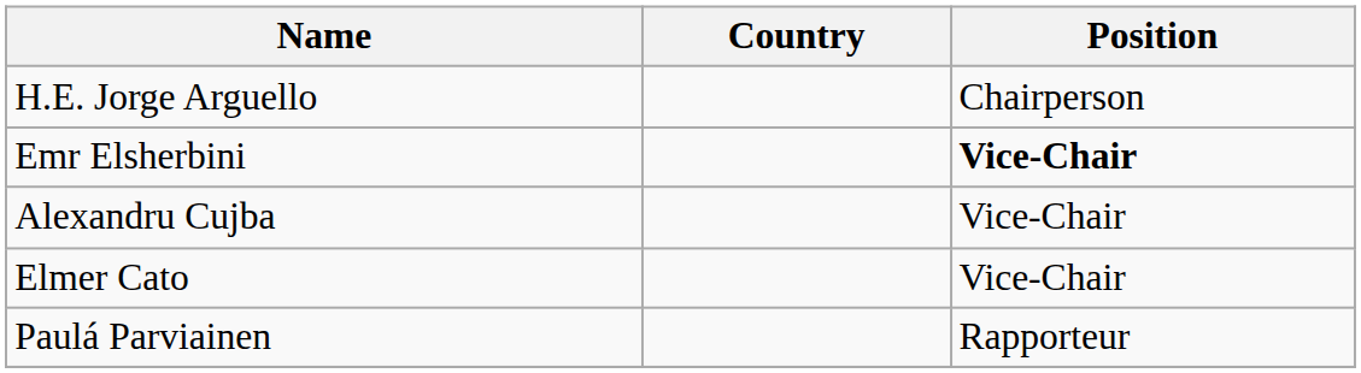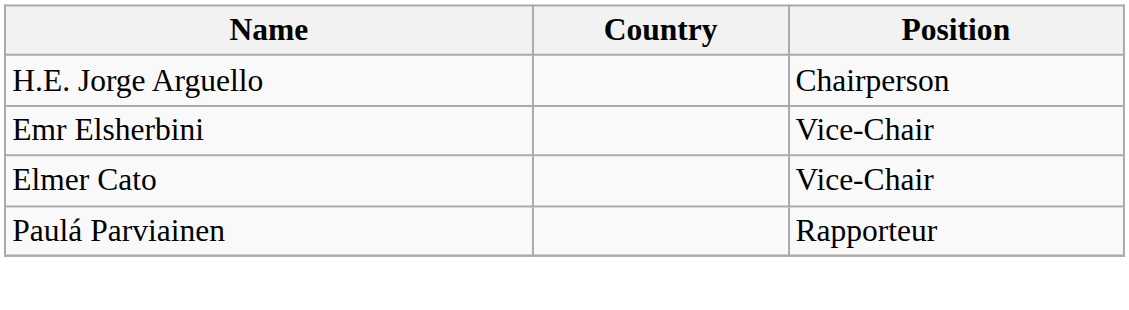 <table class="wikitable" style="display: inline-table; width: 45%">
 <tr>
 <th>Name</th>
 <th>Country</th>
 <th>Position</th>
 </tr>
 <tr>
 <td>H.E. Jorge Arguello</td>
 <td></td>
 <td>Chairperson</td>
 </tr>
 <tr>
 <td>Emr Elsherbini</td>
-<td></td>
-<td><strong>Vice-Chair</strong></td>
-</tr>
-<tr>
-<td>Alexandru Cujba</td>
 <td></td>
 <td>Vice-Chair</td>
 </tr>
 <tr>
 <td>Elmer Cato</td>
 <td></td>
 <td>Vice-Chair</td>
 </tr>
 <tr>
 <td>Paulá Parviainen</td>
 <td></td>
 <td>Rapporteur</td>
 </tr>
 <tr>
 </tr>
 </table>
